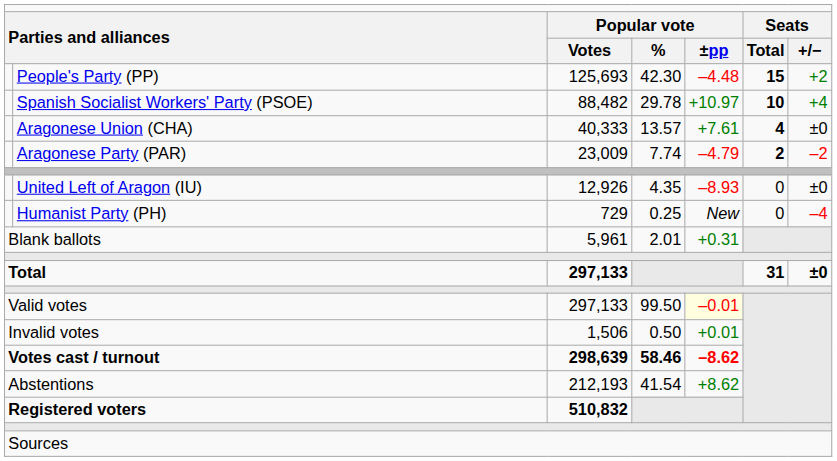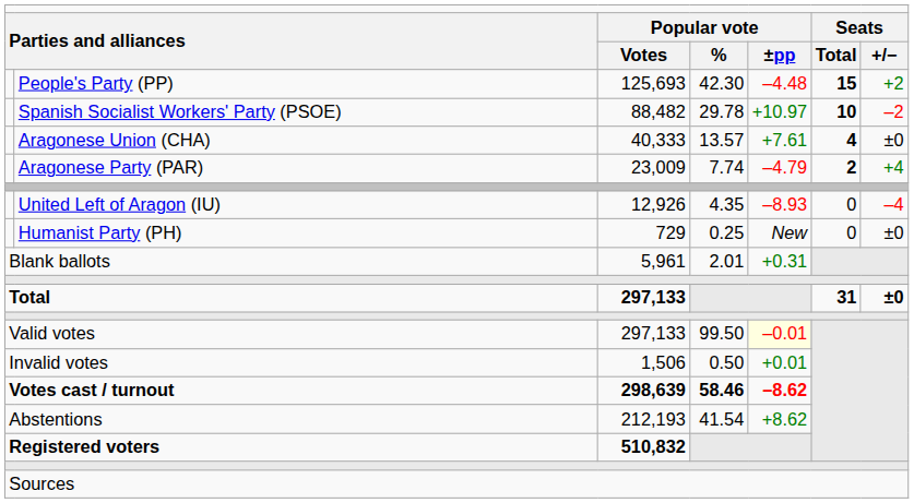 <table class="wikitable" style="text-align:right;">
 <tr>
 <td colspan="7"></td>
 </tr>
 <tr>
 <th style="text-align:left;" rowspan="2" colspan="2" width="525">Parties and alliances</th>
 <th colspan="3">Popular vote</th>
 <th colspan="2">Seats</th>
 </tr>
 <tr>
 <th width="75">Votes</th>
 <th width="45">%</th>
 <th width="45">±<a href='#'>pp</a></th>
 <th width="35">Total</th>
 <th width="35">+/−</th>
 </tr>
 <tr>
 <td width="1" style="color:inherit;background:"></td>
 <td align="left"><a href='#'>People's Party</a> (PP)</td>
 <td>125,693</td>
 <td>42.30</td>
 <td style="color:red;">–4.48</td>
 <td><strong>15</strong></td>
 <td style="color:green;">+2</td>
 </tr>
 <tr>
 <td style="color:inherit;background:"></td>
 <td align="left"><a href='#'>Spanish Socialist Workers' Party</a> (PSOE)</td>
 <td>88,482</td>
 <td>29.78</td>
 <td style="color:green;">+10.97</td>
 <td><strong>10</strong></td>
-<td style="color:green;">+4</td>
+<td style="color:red;">–2</td>
 </tr>
 <tr>
 <td style="color:inherit;background:"></td>
 <td align="left"><a href='#'>Aragonese Union</a> (CHA)</td>
 <td>40,333</td>
 <td>13.57</td>
 <td style="color:green;">+7.61</td>
 <td><strong>4</strong></td>
 <td>±0</td>
 </tr>
 <tr>
 <td style="color:inherit;background:"></td>
 <td align="left"><a href='#'>Aragonese Party</a> (PAR)</td>
 <td>23,009</td>
 <td>7.74</td>
 <td style="color:red;">–4.79</td>
 <td><strong>2</strong></td>
-<td style="color:red;">–2</td>
+<td style="color:green;">+4</td>
 </tr>
 <tr>
 <td colspan="7" bgcolor="#C0C0C0"></td>
 </tr>
 <tr>
 <td style="color:inherit;background:"></td>
 <td align="left"><a href='#'>United Left of Aragon</a> (IU)</td>
 <td>12,926</td>
 <td>4.35</td>
 <td style="color:red;">–8.93</td>
 <td>0</td>
-<td>±0</td>
+<td style="color:red;">–4</td>
 </tr>
 <tr>
 <td style="color:inherit;background:"></td>
 <td align="left"><a href='#'>Humanist Party</a> (PH)</td>
 <td>729</td>
 <td>0.25</td>
 <td><em>New</em></td>
 <td>0</td>
-<td style="color:red;">–4</td>
+<td>±0</td>
 </tr>
 <tr>
 <td align="left" colspan="2">Blank ballots</td>
 <td>5,961</td>
 <td>2.01</td>
 <td style="color:green;">+0.31</td>
 <td bgcolor="#E9E9E9" colspan="2"></td>
 </tr>
 <tr>
 <td colspan="7" bgcolor="#E9E9E9"></td>
 </tr>
 <tr style="font-weight:bold;">
 <td align="left" colspan="2">Total</td>
 <td>297,133</td>
 <td bgcolor="#E9E9E9" colspan="2"></td>
 <td>31</td>
 <td>±0</td>
 </tr>
 <tr>
 <td colspan="7" bgcolor="#E9E9E9"></td>
 </tr>
 <tr>
 <td align="left" colspan="2">Valid votes</td>
 <td>297,133</td>
 <td>99.50</td>
 <td style="background: lightyellow; color:red;">–0.01</td>
 <td bgcolor="#E9E9E9" colspan="2" rowspan="5"></td>
 </tr>
 <tr>
 <td align="left" colspan="2">Invalid votes</td>
 <td>1,506</td>
 <td>0.50</td>
 <td style="color:green;">+0.01</td>
 </tr>
 <tr style="font-weight:bold;">
 <td align="left" colspan="2">Votes cast / turnout</td>
 <td>298,639</td>
 <td>58.46</td>
 <td style="color:red;">–8.62</td>
 </tr>
 <tr>
 <td align="left" colspan="2">Abstentions</td>
 <td>212,193</td>
 <td>41.54</td>
 <td style="color:green;">+8.62</td>
 </tr>
 <tr style="font-weight:bold;">
 <td align="left" colspan="2">Registered voters</td>
 <td>510,832</td>
 <td bgcolor="#E9E9E9" colspan="2"></td>
 </tr>
 <tr>
 <td colspan="7" bgcolor="#E9E9E9"></td>
 </tr>
 <tr>
 <td align="left" colspan="7">Sources</td>
 </tr>
 </table>
